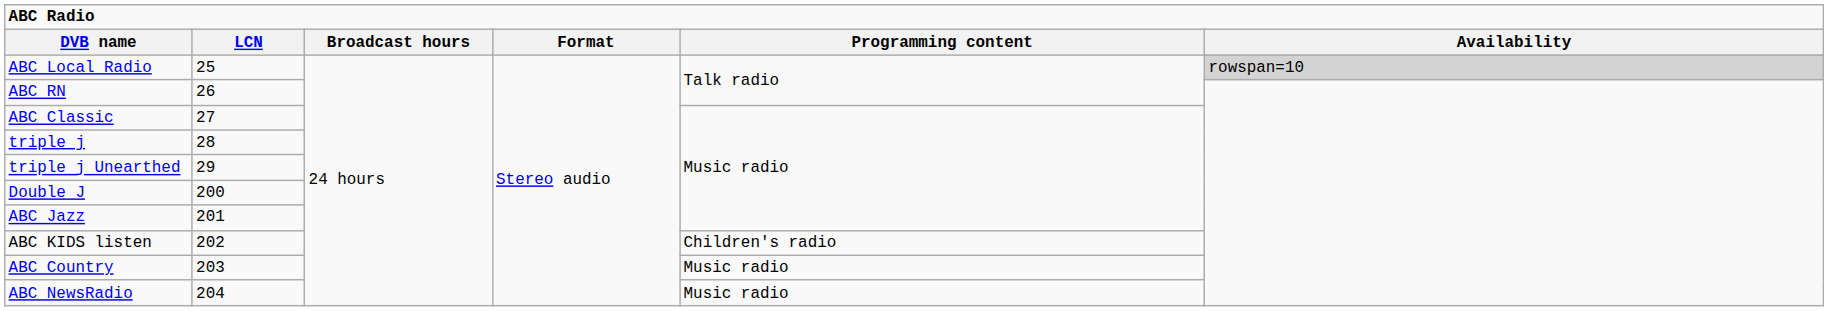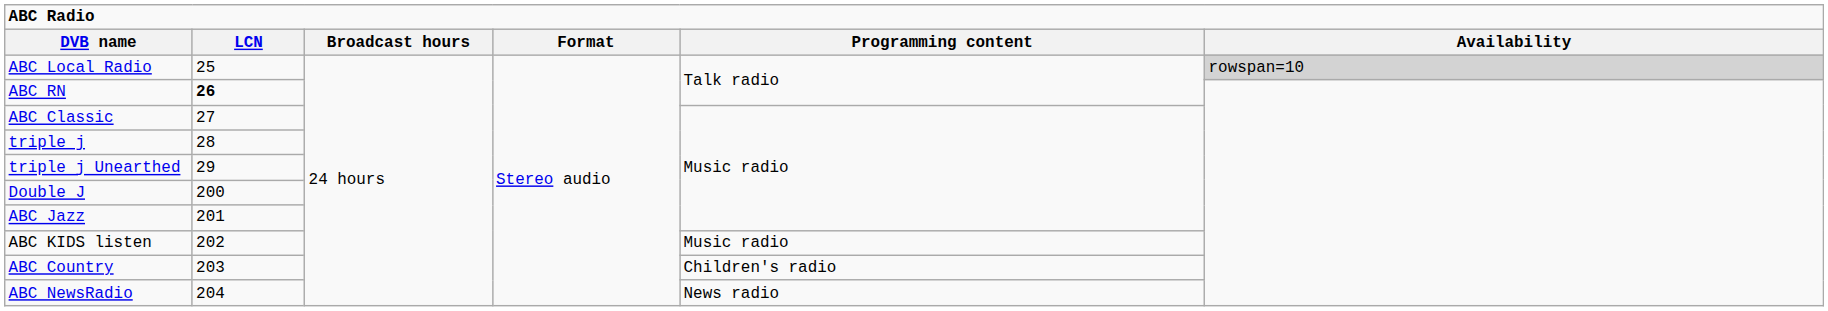 <table class="wikitable mw-collapsible mw-collapsed" style="font-size:85%; width:100%;">
 <tr>
 <td colspan=6><strong>ABC Radio</strong></td>
 </tr>
 <tr>
 <th width="10%"><a href='#'>DVB</a> name</th>
 <th width="6%"><a href='#'>LCN</a></th>
 <th width="10%">Broadcast hours</th>
 <th width="10%">Format</th>
 <th width="28%">Programming content</th>
 <th width="33%">Availability</th>
 </tr>
 <tr>
 <td><a href='#'>ABC Local Radio</a></td>
 <td>25</td>
 <td rowspan=10>24 hours</td>
 <td rowspan=10><a href='#'>Stereo</a> audio</td>
 <td rowspan=2>Talk radio </td>
 <td style="background: lightgrey;">rowspan=10 </td>
 </tr>
 <tr>
 <td><a href='#'>ABC RN</a></td>
-<td>26</td>
+<td><strong>26</strong></td>
 </tr>
 <tr>
 <td><a href='#'>ABC Classic</a></td>
 <td>27</td>
 <td rowspan=5>Music radio </td>
 </tr>
 <tr>
 <td><a href='#'>triple j</a></td>
 <td>28</td>
 </tr>
 <tr>
 <td><a href='#'>triple j Unearthed</a></td>
 <td>29</td>
 </tr>
 <tr>
 <td><a href='#'>Double J</a></td>
 <td>200</td>
 </tr>
 <tr>
 <td><a href='#'>ABC Jazz</a></td>
 <td>201</td>
 </tr>
 <tr>
 <td>ABC KIDS listen</td>
 <td>202</td>
-<td>Children's radio </td>
+<td>Music radio </td>
 </tr>
 <tr>
 <td><a href='#'>ABC Country</a></td>
 <td>203</td>
-<td>Music radio </td>
+<td>Children's radio </td>
 </tr>
 <tr>
 <td><a href='#'>ABC NewsRadio</a></td>
 <td>204</td>
-<td>Music radio </td>
+<td>News radio </td>
 </tr>
 </table>
